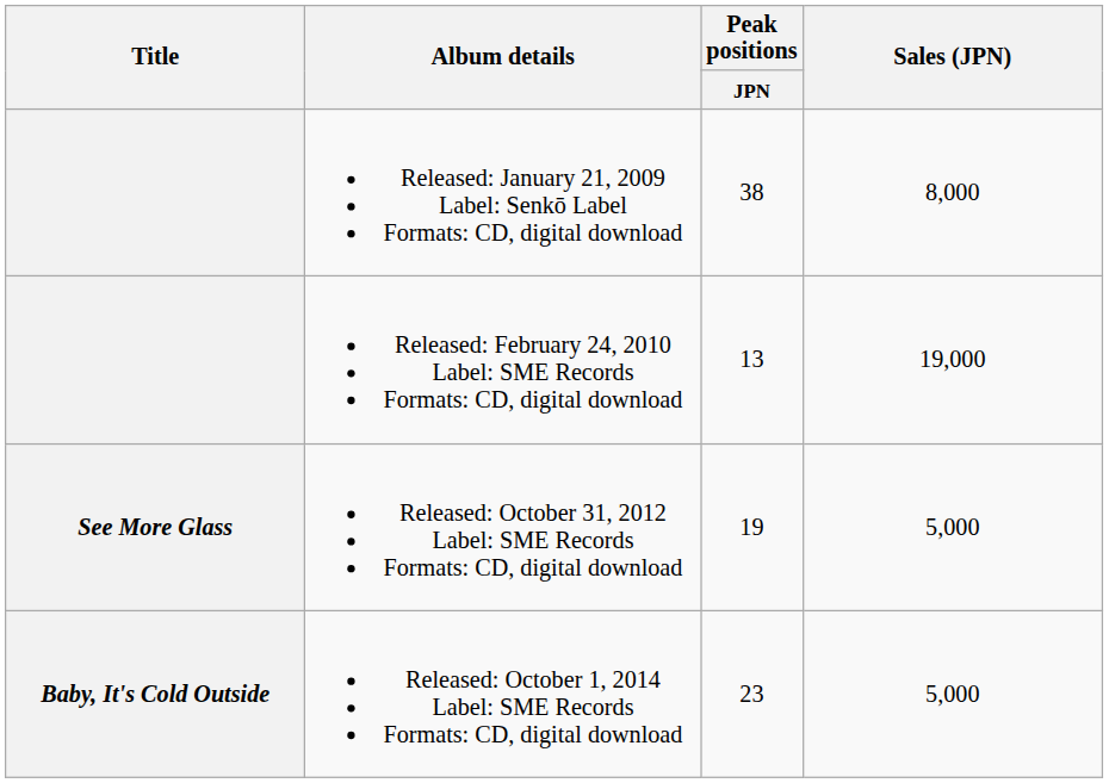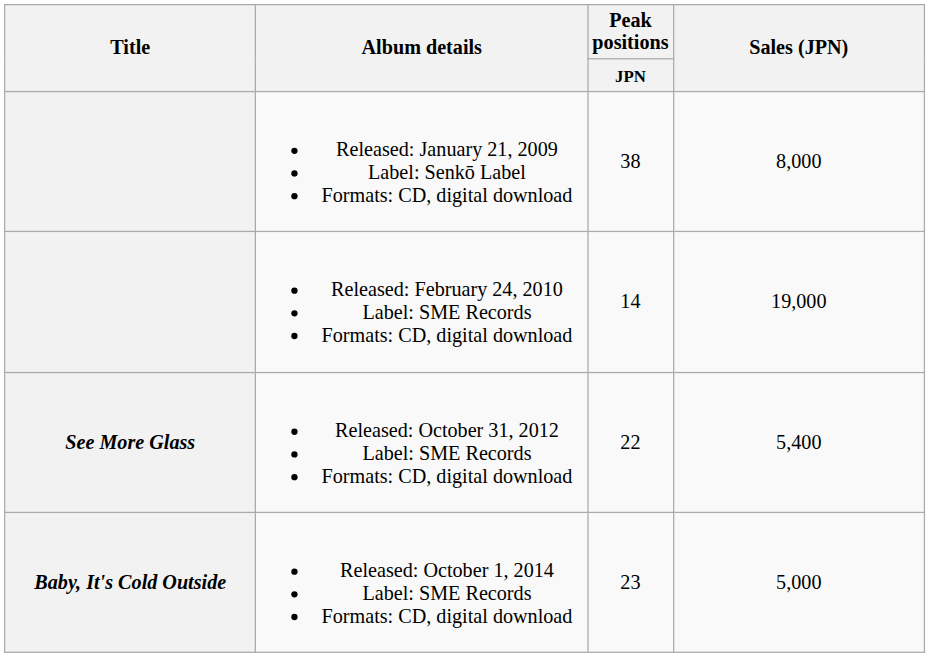 <table class="wikitable plainrowheaders" style="text-align:center;">
 <tr>
 <th style="width:12em;" rowspan="2">Title</th>
 <th style="width:16em;" rowspan="2">Album details</th>
 <th colspan="1">Peak positions</th>
 <th style="width:12em;" rowspan="2">Sales (JPN)</th>
 </tr>
 <tr>
 <th style="width:2.5em;"><small>JPN</small><br></th>
 </tr>
 <tr>
 <th scope="row"></th>
 <td><br><ul><li>Released: January 21, 2009</li><li>Label: Senkō Label</li><li>Formats: CD, digital download</li></ul></td>
 <td>38</td>
 <td>8,000</td>
 </tr>
 <tr>
 <th scope="row"></th>
 <td><br><ul><li>Released: February 24, 2010</li><li>Label: SME Records</li><li>Formats: CD, digital download</li></ul></td>
-<td>13</td>
+<td>14</td>
 <td>19,000</td>
 </tr>
 <tr>
 <th scope="row"><em>See More Glass</em></th>
 <td><br><ul><li>Released: October 31, 2012</li><li>Label: SME Records</li><li>Formats: CD, digital download</li></ul></td>
-<td>19</td>
-<td>5,000</td>
+<td>22</td>
+<td>5,400</td>
 </tr>
 <tr>
 <th scope="row"><em>Baby, It's Cold Outside</em></th>
 <td><br><ul><li>Released: October 1, 2014</li><li>Label: SME Records</li><li>Formats: CD, digital download</li></ul></td>
 <td>23</td>
 <td>5,000</td>
 </tr>
 </table>
